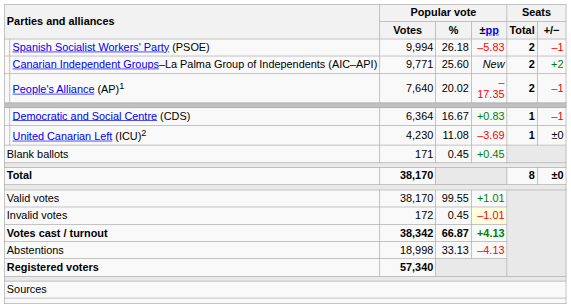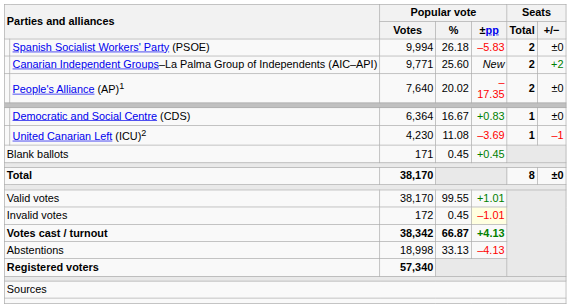 <table class="wikitable" style="text-align:right;">
 <tr>
 <th style="text-align:left;" rowspan="2" colspan="2" width="525">Parties and alliances</th>
 <th colspan="3">Popular vote</th>
 <th colspan="2">Seats</th>
 </tr>
 <tr>
 <th width="75">Votes</th>
 <th width="45">%</th>
 <th width="45">±<a href='#'>pp</a></th>
 <th width="35">Total</th>
 <th width="35">+/−</th>
 </tr>
 <tr>
 <td width="1" style="color:inherit;background:"></td>
 <td align="left"><a href='#'>Spanish Socialist Workers' Party</a> (PSOE)</td>
 <td>9,994</td>
 <td>26.18</td>
 <td style="color:red;">–5.83</td>
 <td><strong>2</strong></td>
-<td style="color:red;">–1</td>
+<td>±0</td>
 </tr>
 <tr>
 <td style="color:inherit;background:"></td>
 <td align="left"><a href='#'>Canarian Independent Groups</a>–La Palma Group of Independents (AIC–API)</td>
 <td>9,771</td>
 <td>25.60</td>
 <td><em>New</em></td>
 <td><strong>2</strong></td>
 <td style="color:green;">+2</td>
 </tr>
 <tr>
 <td style="color:inherit;background:"></td>
 <td align="left"><a href='#'>People's Alliance</a> (AP)<sup>1</sup></td>
 <td>7,640</td>
 <td>20.02</td>
 <td style="color:red;">–17.35</td>
 <td><strong>2</strong></td>
-<td style="color:red;">–1</td>
+<td>±0</td>
 </tr>
 <tr>
 <td colspan="7" bgcolor="#C0C0C0"></td>
 </tr>
 <tr>
 <td style="color:inherit;background:"></td>
 <td align="left"><a href='#'>Democratic and Social Centre</a> (CDS)</td>
 <td>6,364</td>
 <td>16.67</td>
 <td style="color:green;">+0.83</td>
 <td><strong>1</strong></td>
-<td style="color:red;">–1</td>
+<td>±0</td>
 </tr>
 <tr>
 <td style="color:inherit;background:"></td>
 <td align="left"><a href='#'>United Canarian Left</a> (ICU)<sup>2</sup></td>
 <td>4,230</td>
 <td>11.08</td>
 <td style="color:red;">–3.69</td>
 <td><strong>1</strong></td>
-<td>±0</td>
+<td style="color:red;">–1</td>
 </tr>
 <tr>
 <td align="left" colspan="2">Blank ballots</td>
 <td>171</td>
 <td>0.45</td>
 <td style="color:green;">+0.45</td>
 <td bgcolor="#E9E9E9" colspan="2"></td>
 </tr>
 <tr>
 <td colspan="7" bgcolor="#E9E9E9"></td>
 </tr>
 <tr style="font-weight:bold;">
 <td align="left" colspan="2">Total</td>
 <td>38,170</td>
 <td bgcolor="#E9E9E9" colspan="2"></td>
 <td>8</td>
 <td>±0</td>
 </tr>
 <tr>
 <td colspan="7" bgcolor="#E9E9E9"></td>
 </tr>
 <tr>
 <td align="left" colspan="2">Valid votes</td>
 <td>38,170</td>
 <td>99.55</td>
 <td style="color:green;">+1.01</td>
 <td bgcolor="#E9E9E9" colspan="2" rowspan="5"></td>
 </tr>
 <tr>
 <td align="left" colspan="2">Invalid votes</td>
 <td>172</td>
 <td>0.45</td>
 <td style="background: lightyellow; color:red;">–1.01</td>
 </tr>
 <tr style="font-weight:bold;">
 <td align="left" colspan="2">Votes cast / turnout</td>
 <td>38,342</td>
 <td>66.87</td>
 <td style="color:green;">+4.13</td>
 </tr>
 <tr>
 <td align="left" colspan="2">Abstentions</td>
 <td>18,998</td>
 <td>33.13</td>
 <td style="color:red;">–4.13</td>
 </tr>
 <tr style="font-weight:bold;">
 <td align="left" colspan="2">Registered voters</td>
 <td>57,340</td>
 <td bgcolor="#E9E9E9" colspan="2"></td>
 </tr>
 <tr>
 <td colspan="7" bgcolor="#E9E9E9"></td>
 </tr>
 <tr>
 <td align="left" colspan="7">Sources</td>
 </tr>
 <tr>
 <td colspan="7" style="text-align:left; max-width:790px;"></td>
 </tr>
 </table>
